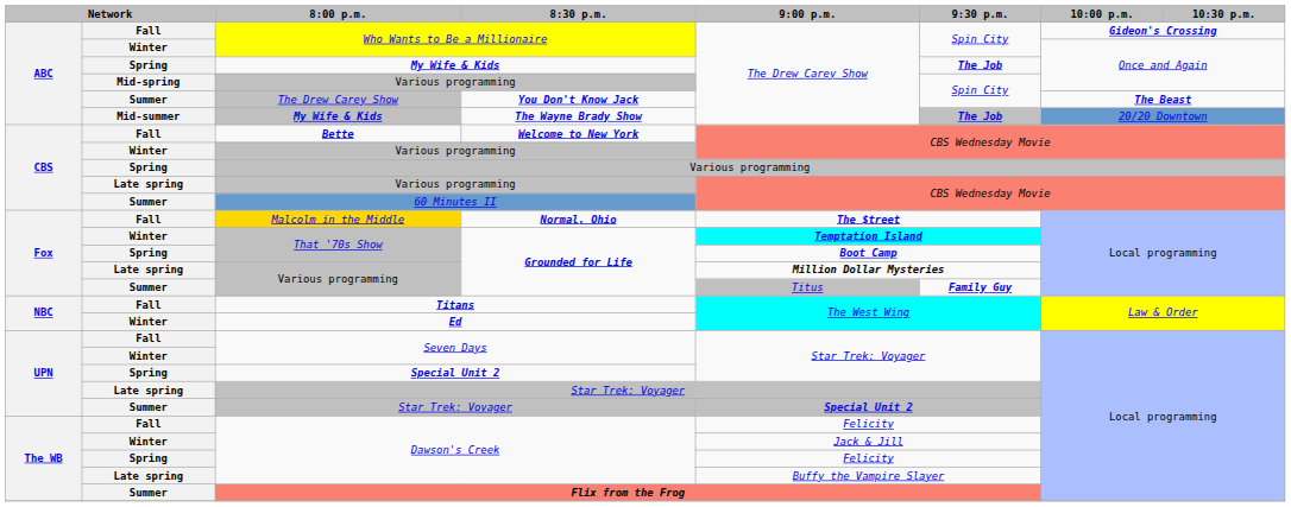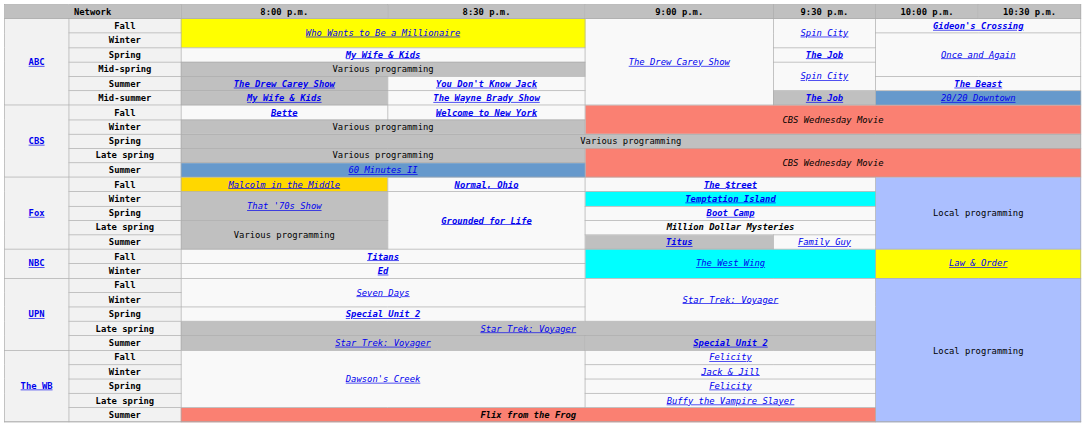 <table class="wikitable" style="width:100%;margin-right:0;text-align:center">
 <tr>
 <th colspan="2" style="background-color:#C0C0C0;text-align:center">Network</th>
 <th style="background-color:#C0C0C0;text-align:center">8:00 p.m.</th>
 <th style="background-color:#C0C0C0;text-align:center">8:30 p.m.</th>
 <th style="background-color:#C0C0C0;text-align:center">9:00 p.m.</th>
 <th style="background-color:#C0C0C0;text-align:center">9:30 p.m.</th>
 <th style="background-color:#C0C0C0;text-align:center">10:00 p.m.</th>
 <th style="background-color:#C0C0C0;text-align:center">10:30 p.m.</th>
 </tr>
 <tr>
 <th rowspan="6"><a href='#'>ABC</a></th>
 <th>Fall</th>
 <td style="background:yellow;" rowspan="2" colspan="2"><em><a href='#'>Who Wants to Be a Millionaire</a></em> </td>
 <td rowspan="6"><em><a href='#'>The Drew Carey Show</a></em></td>
 <td rowspan="2"><em><a href='#'>Spin City</a></em></td>
 <td colspan="2"><strong><em><a href='#'>Gideon's Crossing</a></em></strong></td>
 </tr>
 <tr>
 <th>Winter</th>
 <td rowspan="3" colspan="2"><em><a href='#'>Once and Again</a></em></td>
 </tr>
 <tr>
 <th>Spring</th>
 <td colspan="2"><strong><em><a href='#'>My Wife & Kids</a></em></strong></td>
 <td><strong><em><a href='#'>The Job</a></em></strong></td>
 </tr>
 <tr>
 <th>Mid-spring</th>
 <td colspan="2" style="background:#C0C0C0;">Various programming</td>
 <td rowspan="2"><em><a href='#'>Spin City</a></em></td>
 </tr>
 <tr>
 <th>Summer</th>
-<td style="background:#C0C0C0;"><em><a href='#'>The Drew Carey Show</a></em> </td>
+<td style="background:#C0C0C0;"><strong><em><a href='#'>The Drew Carey Show</a></em> </strong></td>
 <td><strong><em><a href='#'>You Don't Know Jack</a></em></strong></td>
 <td colspan="2"><strong><em><a href='#'>The Beast</a></em></strong></td>
 </tr>
 <tr>
 <th>Mid-summer</th>
 <td style="background:#C0C0C0;"><strong><em><a href='#'>My Wife & Kids</a></em></strong> </td>
 <td><strong><em><a href='#'>The Wayne Brady Show</a></em></strong></td>
 <td style="background:#C0C0C0;"><strong><em><a href='#'>The Job</a></em></strong> </td>
 <td style="background:#6699CC;" colspan="2"><em><a href='#'>20/20 Downtown</a></em></td>
 </tr>
 <tr>
 <th rowspan="5"><a href='#'>CBS</a></th>
 <th>Fall</th>
 <td><strong><em><a href='#'>Bette</a></em></strong></td>
 <td><strong><em><a href='#'>Welcome to New York</a></em></strong></td>
 <td rowspan="2" style="background:#FA8072;" colspan="4"><em>CBS Wednesday Movie</em></td>
 </tr>
 <tr>
 <th>Winter</th>
 <td colspan="2" style="background:#C0C0C0;">Various programming</td>
 </tr>
 <tr>
 <th>Spring</th>
 <td colspan="6" style="background:#C0C0C0;">Various programming</td>
 </tr>
 <tr>
 <th>Late spring</th>
 <td colspan="2" style="background:#C0C0C0;">Various programming</td>
 <td style="background:#FA8072;" rowspan="2" colspan="4"><em>CBS Wednesday Movie</em></td>
 </tr>
 <tr>
 <th>Summer</th>
 <td style="background:#6699CC;" colspan="2"><em><a href='#'>60 Minutes II</a></em></td>
 </tr>
 <tr>
 <th rowspan="5"><a href='#'>Fox</a></th>
 <th>Fall</th>
 <td style="background: gold;"><em><a href='#'>Malcolm in the Middle</a></em></td>
 <td><strong><em><a href='#'>Normal, Ohio</a></em></strong></td>
 <td colspan="2"><strong><em><a href='#'>The $treet</a></em></strong></td>
 <td style="background:#abbfff;" colspan="2" rowspan="5">Local programming</td>
 </tr>
 <tr>
 <th>Winter</th>
 <td rowspan="2" style="background:#C0C0C0;"><em><a href='#'>That '70s Show</a></em> </td>
 <td rowspan="4"><strong><em><a href='#'>Grounded for Life</a></em></strong></td>
 <td style="background:#0ff;" colspan="2"><strong><em><a href='#'>Temptation Island</a></em></strong> </td>
 </tr>
 <tr>
 <th>Spring</th>
 <td colspan="2"><strong><em><a href='#'>Boot Camp</a></em></strong></td>
 </tr>
 <tr>
 <th>Late spring</th>
 <td rowspan="2" style="background:#C0C0C0;">Various programming</td>
 <td colspan="2"><strong><em>Million Dollar Mysteries</em></strong></td>
 </tr>
 <tr>
 <th>Summer</th>
-<td style="background:#C0C0C0;"><em><a href='#'>Titus</a></em> </td>
-<td><strong><em><a href='#'>Family Guy</a></em></strong></td>
+<td style="background:#C0C0C0;"><strong><em><a href='#'>Titus</a></em> </strong></td>
+<td><em><a href='#'>Family Guy</a></em></td>
 </tr>
 <tr>
 <th rowspan="2"><a href='#'>NBC</a></th>
 <th>Fall</th>
 <td colspan="2"><strong><em><a href='#'>Titans</a></em></strong></td>
 <td style="background:#0ff;" rowspan="2" colspan="2"><em><a href='#'>The West Wing</a></em> </td>
 <td style="background:#FFFF00;" rowspan="2" colspan="2"><em><a href='#'>Law & Order</a></em> </td>
 </tr>
 <tr>
 <th>Winter</th>
 <td colspan="2"><strong><em><a href='#'>Ed</a></em></strong></td>
 </tr>
 <tr>
 <th rowspan="5"><a href='#'>UPN</a></th>
 <th>Fall</th>
 <td colspan="2" rowspan="2"><em><a href='#'>Seven Days</a></em></td>
 <td colspan="2" rowspan="3"><em><a href='#'>Star Trek: Voyager</a></em></td>
 <td style="background:#abbfff;" colspan="2" rowspan="10">Local programming</td>
 </tr>
 <tr>
 <th>Winter</th>
 </tr>
 <tr>
 <th>Spring</th>
 <td colspan="2"><strong><em><a href='#'>Special Unit 2</a></em></strong></td>
 </tr>
 <tr>
 <th>Late spring</th>
 <td colspan="4" style="background:#C0C0C0;"><em><a href='#'>Star Trek: Voyager</a></em> </td>
 </tr>
 <tr>
 <th>Summer</th>
 <td colspan="2" style="background:#C0C0C0;"><em><a href='#'>Star Trek: Voyager</a></em> </td>
 <td colspan="2" style="background:#C0C0C0;"><strong><em><a href='#'>Special Unit 2</a></em></strong> </td>
 </tr>
 <tr>
 <th rowspan="5"><a href='#'>The WB</a></th>
 <th>Fall</th>
 <td colspan="2" rowspan="4"><em><a href='#'>Dawson's Creek</a></em></td>
 <td colspan="2"><em><a href='#'>Felicity</a></em></td>
 </tr>
 <tr>
 <th>Winter</th>
 <td colspan="2"><em><a href='#'>Jack & Jill</a></em></td>
 </tr>
 <tr>
 <th>Spring</th>
 <td colspan="2"><em><a href='#'>Felicity</a></em></td>
 </tr>
 <tr>
 <th>Late spring</th>
 <td colspan="2"><em><a href='#'>Buffy the Vampire Slayer</a></em></td>
 </tr>
 <tr>
 <th>Summer</th>
 <td style="background:#FA8072;" colspan="4"><strong><em>Flix from the Frog</em></strong></td>
 </tr>
 <tr>
 </tr>
 </table>
